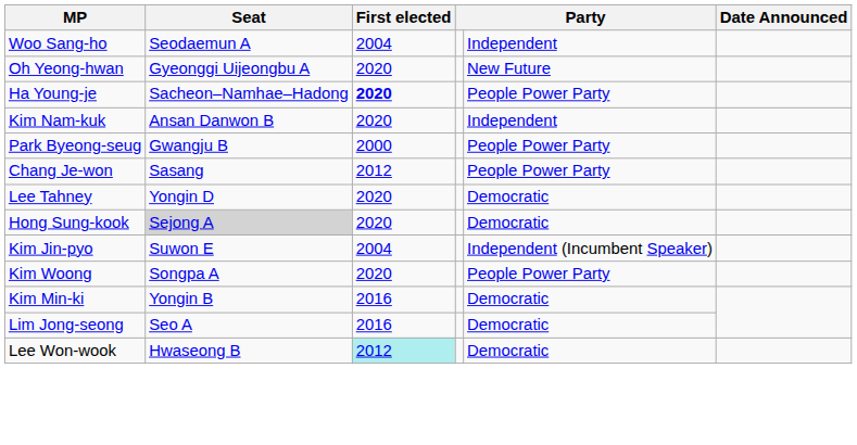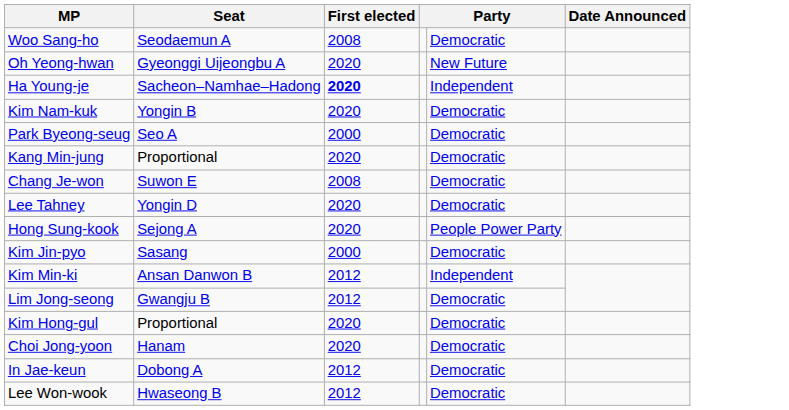 <table class="wikitable sortable">
 <tr>
 <th scope="col">MP</th>
 <th scope="col">Seat</th>
 <th scope="col">First elected</th>
 <th colspan="2">Party</th>
 <th scope="col">Date Announced</th>
 </tr>
 <tr>
 <td><a href='#'>Woo Sang-ho</a></td>
 <td><a href='#'>Seodaemun A</a></td>
-<td><a href='#'>2004</a></td>
+<td><a href='#'>2008</a></td>
 <td width="1"></td>
-<td><a href='#'>Independent</a></td>
+<td><a href='#'>Democratic</a></td>
 <td></td>
 </tr>
 <tr>
 <td><a href='#'>Oh Yeong-hwan</a></td>
 <td><a href='#'>Gyeonggi Uijeongbu A</a></td>
 <td><a href='#'>2020</a></td>
 <td width="1"></td>
 <td><a href='#'>New Future</a></td>
 <td></td>
 </tr>
 <tr>
 <td><a href='#'>Ha Young-je</a></td>
 <td><a href='#'>Sacheon–Namhae–Hadong</a></td>
 <td><strong><a href='#'>2020</a></strong></td>
 <td width="1"></td>
-<td><a href='#'>People Power Party</a></td>
+<td><a href='#'>Independent</a></td>
 <td></td>
 </tr>
 <tr>
 <td><a href='#'>Kim Nam-kuk</a></td>
-<td><a href='#'>Ansan Danwon B</a></td>
+<td><a href='#'>Yongin B</a></td>
 <td><a href='#'>2020</a></td>
 <td width="1"></td>
-<td><a href='#'>Independent</a></td>
+<td><a href='#'>Democratic</a></td>
 <td></td>
 </tr>
 <tr>
 <td><a href='#'>Park Byeong-seug</a></td>
-<td><a href='#'>Gwangju B</a></td>
+<td><a href='#'>Seo A</a></td>
 <td><a href='#'>2000</a></td>
 <td width="1"></td>
-<td><a href='#'>People Power Party</a></td>
+<td><a href='#'>Democratic</a></td>
+<td></td>
+</tr>
+<tr>
+<td><a href='#'>Kang Min-jung</a></td>
+<td>Proportional</td>
+<td><a href='#'>2020</a></td>
+<td width="1"></td>
+<td><a href='#'>Democratic</a></td>
 <td></td>
 </tr>
 <tr>
 <td><a href='#'>Chang Je-won</a></td>
-<td><a href='#'>Sasang</a></td>
-<td><a href='#'>2012</a></td>
+<td><a href='#'>Suwon E</a></td>
+<td><a href='#'>2008</a></td>
 <td width="1"></td>
-<td><a href='#'>People Power Party</a></td>
+<td><a href='#'>Democratic</a></td>
 <td></td>
 </tr>
 <tr>
 <td><a href='#'>Lee Tahney</a></td>
 <td><a href='#'>Yongin D</a></td>
 <td><a href='#'>2020</a></td>
 <td width="1"></td>
 <td><a href='#'>Democratic</a></td>
 <td></td>
 </tr>
 <tr>
 <td><a href='#'>Hong Sung-kook</a></td>
-<td style="background: lightgrey;"><a href='#'>Sejong A</a></td>
+<td><a href='#'>Sejong A</a></td>
+<td><a href='#'>2020</a></td>
+<td width="1"></td>
+<td><a href='#'>People Power Party</a></td>
+<td></td>
+</tr>
+<tr>
+<td><a href='#'>Kim Jin-pyo</a></td>
+<td><a href='#'>Sasang</a></td>
+<td><a href='#'>2000</a></td>
+<td width="1"></td>
+<td><a href='#'>Democratic</a></td>
+<td></td>
+</tr>
+<tr>
+<td><a href='#'>Kim Min-ki</a></td>
+<td><a href='#'>Ansan Danwon B</a></td>
+<td><a href='#'>2012</a></td>
+<td width="1"></td>
+<td><a href='#'>Independent</a></td>
+<td rowspan="2"></td>
+</tr>
+<tr>
+<td><a href='#'>Lim Jong-seong</a></td>
+<td><a href='#'>Gwangju B</a></td>
+<td><a href='#'>2012</a></td>
+<td width="1"></td>
+<td><a href='#'>Democratic</a></td>
+</tr>
+<tr>
+<td><a href='#'>Kim Hong-gul</a></td>
+<td>Proportional</td>
 <td><a href='#'>2020</a></td>
 <td width="1"></td>
 <td><a href='#'>Democratic</a></td>
 <td></td>
 </tr>
 <tr>
-<td><a href='#'>Kim Jin-pyo</a></td>
-<td><a href='#'>Suwon E</a></td>
-<td><a href='#'>2004</a></td>
+<td><a href='#'>Choi Jong-yoon</a></td>
+<td><a href='#'>Hanam</a></td>
+<td><a href='#'>2020</a></td>
 <td width="1"></td>
-<td><a href='#'>Independent</a> (Incumbent <a href='#'>Speaker</a>)</td>
+<td><a href='#'>Democratic</a></td>
 <td></td>
 </tr>
 <tr>
-<td><a href='#'>Kim Woong</a></td>
-<td><a href='#'>Songpa A</a></td>
-<td><a href='#'>2020</a></td>
-<td width="1"></td>
-<td><a href='#'>People Power Party</a></td>
-<td></td>
-</tr>
-<tr>
-<td><a href='#'>Kim Min-ki</a></td>
-<td><a href='#'>Yongin B</a></td>
-<td><a href='#'>2016</a></td>
+<td><a href='#'>In Jae-keun</a></td>
+<td><a href='#'>Dobong A</a></td>
+<td><a href='#'>2012</a></td>
 <td width="1"></td>
 <td><a href='#'>Democratic</a></td>
-<td rowspan="2"></td>
-</tr>
-<tr>
-<td><a href='#'>Lim Jong-seong</a></td>
-<td><a href='#'>Seo A</a></td>
-<td><a href='#'>2016</a></td>
-<td width="1"></td>
-<td><a href='#'>Democratic</a></td>
+<td></td>
 </tr>
 <tr>
 <td>Lee Won-wook</td>
 <td><a href='#'>Hwaseong B</a></td>
-<td style="background: paleturquoise;"><a href='#'>2012</a></td>
+<td><a href='#'>2012</a></td>
 <td width="1"></td>
 <td><a href='#'>Democratic</a></td>
 </tr>
 </table>
